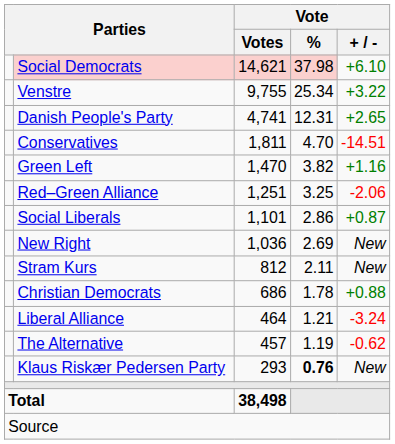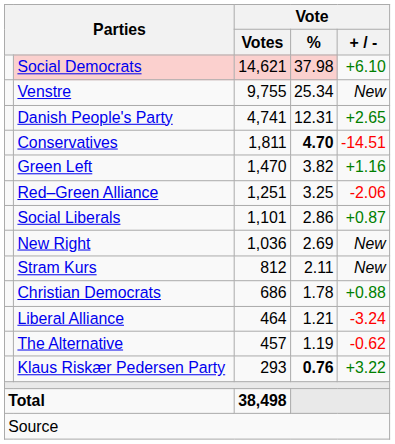 <table class="wikitable" style="text-align:right;">
 <tr>
 <th style="text-align:centre;" rowspan="2" colspan="2" width="225">Parties</th>
 <th colspan="3">Vote</th>
 </tr>
 <tr>
 <th width="15">Votes</th>
 <th width="15">%</th>
 <th width="15">+ / -</th>
 </tr>
 <tr>
 <td width="2" style="color:inherit;background:"></td>
 <td bgcolor=#fbd0ce  align="left"><a href='#'>Social Democrats</a></td>
 <td bgcolor=#fbd0ce>14,621</td>
 <td bgcolor=#fbd0ce>37.98</td>
 <td style=color:green;>+6.10</td>
 </tr>
 <tr>
 <td width="2" style="color:inherit;background:"></td>
 <td align="left"><a href='#'>Venstre</a></td>
 <td>9,755</td>
 <td>25.34</td>
-<td style=color:green;>+3.22</td>
+<td><em>New</em></td>
 </tr>
 <tr>
 <td width="2" style="color:inherit;background:"></td>
 <td align="left"><a href='#'>Danish People's Party</a></td>
 <td>4,741</td>
 <td>12.31</td>
 <td style=color:green;>+2.65</td>
 </tr>
 <tr>
 <td width="2" style="color:inherit;background:"></td>
 <td align="left"><a href='#'>Conservatives</a></td>
 <td>1,811</td>
-<td>4.70</td>
+<td><strong>4.70</strong></td>
 <td style=color:red;>-14.51</td>
 </tr>
 <tr>
 <td width="2" style="color:inherit;background:"></td>
 <td align="left"><a href='#'>Green Left</a></td>
 <td>1,470</td>
 <td>3.82</td>
 <td style=color:green;>+1.16</td>
 </tr>
 <tr>
 <td width="2" style="color:inherit;background:"></td>
 <td align="left"><a href='#'>Red–Green Alliance</a></td>
 <td>1,251</td>
 <td>3.25</td>
 <td style=color:red;>-2.06</td>
 </tr>
 <tr>
 <td width="2" style="color:inherit;background:"></td>
 <td align="left"><a href='#'>Social Liberals</a></td>
 <td>1,101</td>
 <td>2.86</td>
 <td style=color:green;>+0.87</td>
 </tr>
 <tr>
 <td width="2" style="color:inherit;background:"></td>
 <td align="left"><a href='#'>New Right</a></td>
 <td>1,036</td>
 <td>2.69</td>
 <td><em>New</em></td>
 </tr>
 <tr>
 <td width="2" style="color:inherit;background:"></td>
 <td align="left"><a href='#'>Stram Kurs</a></td>
 <td>812</td>
 <td>2.11</td>
 <td><em>New</em></td>
 </tr>
 <tr>
 <td width="2" style="color:inherit;background:"></td>
 <td align="left"><a href='#'>Christian Democrats</a></td>
 <td>686</td>
 <td>1.78</td>
 <td style=color:green;>+0.88</td>
 </tr>
 <tr>
 <td width="2" style="color:inherit;background:"></td>
 <td align="left"><a href='#'>Liberal Alliance</a></td>
 <td>464</td>
 <td>1.21</td>
 <td style=color:red;>-3.24</td>
 </tr>
 <tr>
 <td width="2" style="color:inherit;background:"></td>
 <td align="left"><a href='#'>The Alternative</a></td>
 <td>457</td>
 <td>1.19</td>
 <td style=color:red;>-0.62</td>
 </tr>
 <tr>
 <td width="2" style="color:inherit;background:"></td>
 <td align="left"><a href='#'>Klaus Riskær Pedersen Party</a></td>
 <td>293</td>
 <td><strong>0.76</strong></td>
-<td><em>New</em></td>
+<td style=color:green;>+3.22</td>
 </tr>
 <tr>
 <td colspan="7" bgcolor="#E9E9E9"></td>
 </tr>
 <tr>
 <td align="left" colspan="2"><strong>Total</strong></td>
 <td><strong>38,498</strong></td>
 <td bgcolor="#E9E9E9" colspan="2"></td>
 </tr>
 <tr>
 <td align="left" colspan="6">Source</td>
 </tr>
 </table>
